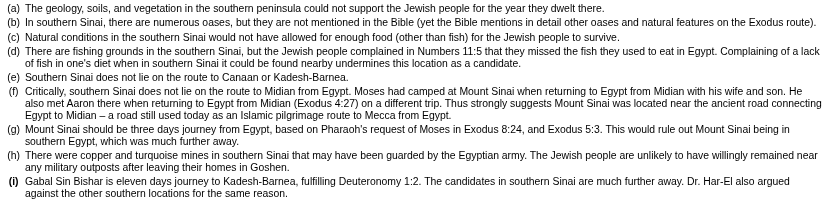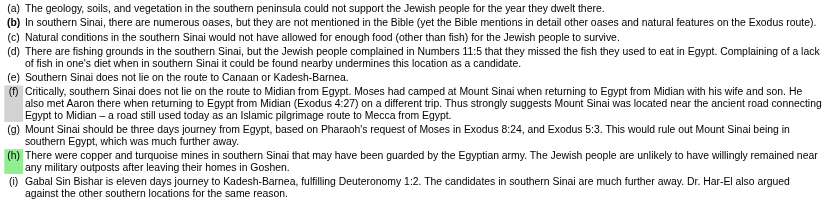 <table style="text-align:left;">
 <tr style="vertical-align:top;">
 <td style="text-align:center; width:20pt;">(a)</td>
 <td>The geology, soils, and vegetation in the southern peninsula could not support the Jewish people for the year they dwelt there.</td>
 </tr>
 <tr style="vertical-align:top;">
-<td style="text-align:center;">(b)</td>
+<td style="text-align:center;"><strong>(b)</strong></td>
 <td>In southern Sinai, there are numerous oases, but they are not mentioned in the Bible (yet the Bible mentions in detail other oases and natural features on the Exodus route).</td>
 </tr>
 <tr style="vertical-align:top;">
 <td style="text-align:center;">(c)</td>
 <td>Natural conditions in the southern Sinai would not have allowed for enough food (other than fish) for the Jewish people to survive.</td>
 </tr>
 <tr style="vertical-align:top;">
 <td style="text-align:center;">(d)</td>
 <td>There are fishing grounds in the southern Sinai, but the Jewish people complained in Numbers 11:5 that they missed the fish they used to eat in Egypt. Complaining of a lack of fish in one's diet when in southern Sinai it could be found nearby undermines this location as a candidate.</td>
 </tr>
 <tr style="vertical-align:top;">
 <td style="text-align:center;">(e)</td>
 <td>Southern Sinai does not lie on the route to Canaan or Kadesh-Barnea.</td>
 </tr>
 <tr style="vertical-align:top;">
-<td style="text-align:center;">(f)</td>
+<td style="background: lightgrey; text-align:center;">(f)</td>
 <td>Critically, southern Sinai does not lie on the route to Midian from Egypt. Moses had camped at Mount Sinai when returning to Egypt from Midian with his wife and son. He also met Aaron there when returning to Egypt from Midian (Exodus 4:27) on a different trip. Thus strongly suggests Mount Sinai was located near the ancient road connecting Egypt to Midian – a road still used today as an Islamic pilgrimage route to Mecca from Egypt.</td>
 </tr>
 <tr style="vertical-align:top;">
 <td style="text-align:center;">(g)</td>
 <td>Mount Sinai should be three days journey from Egypt, based on Pharaoh's request of Moses in Exodus 8:24, and Exodus 5:3. This would rule out Mount Sinai being in southern Egypt, which was much further away.</td>
 </tr>
 <tr style="vertical-align:top;">
-<td style="text-align:center;">(h)</td>
+<td style="background: lightgreen; text-align:center;">(h)</td>
 <td>There were copper and turquoise mines in southern Sinai that may have been guarded by the Egyptian army. The Jewish people are unlikely to have willingly remained near any military outposts after leaving their homes in Goshen.</td>
 </tr>
 <tr style="vertical-align:top;">
-<td style="text-align:center;"><strong>(i)</strong></td>
+<td style="text-align:center;">(i)</td>
 <td>Gabal Sin Bishar is eleven days journey to Kadesh-Barnea, fulfilling Deuteronomy 1:2. The candidates in southern Sinai are much further away. Dr. Har-El also argued against the other southern locations for the same reason.</td>
 </tr>
 </table>
